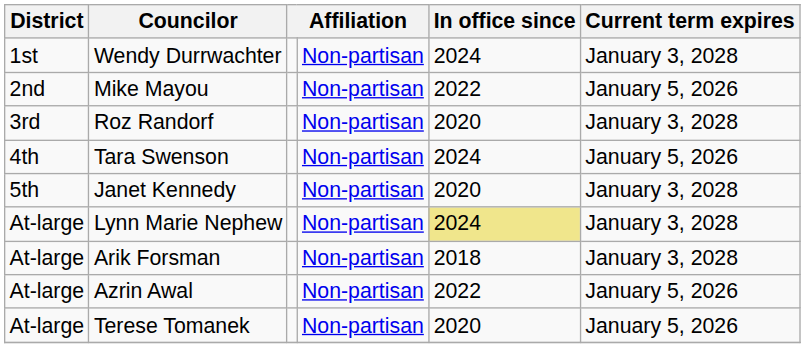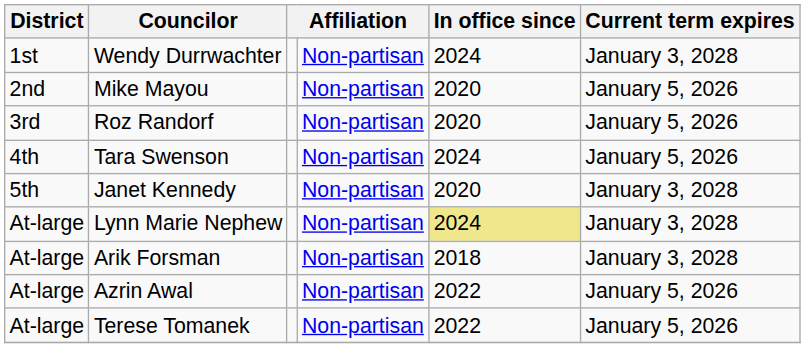 <table class="wikitable">
 <tr>
 <th>District</th>
 <th>Councilor</th>
 <th colspan=2>Affiliation</th>
 <th>In office since</th>
 <th>Current term expires</th>
 </tr>
 <tr>
 <td>1st</td>
 <td>Wendy Durrwachter</td>
 <td style="background:"></td>
 <td><a href='#'>Non-partisan</a></td>
 <td>2024</td>
 <td>January 3, 2028</td>
 </tr>
 <tr>
 <td>2nd</td>
 <td>Mike Mayou</td>
 <td style="background:"></td>
 <td><a href='#'>Non-partisan</a></td>
-<td>2022</td>
+<td>2020</td>
 <td>January 5, 2026</td>
 </tr>
 <tr>
 <td>3rd</td>
 <td>Roz Randorf</td>
 <td style="background:"></td>
 <td><a href='#'>Non-partisan</a></td>
 <td>2020</td>
-<td>January 3, 2028</td>
+<td>January 5, 2026</td>
 </tr>
 <tr>
 <td>4th</td>
 <td>Tara Swenson</td>
 <td style="background:"></td>
 <td><a href='#'>Non-partisan</a></td>
 <td>2024</td>
 <td>January 5, 2026</td>
 </tr>
 <tr>
 <td>5th</td>
 <td>Janet Kennedy</td>
 <td style="background:"></td>
 <td><a href='#'>Non-partisan</a></td>
 <td>2020</td>
 <td>January 3, 2028</td>
 </tr>
 <tr>
 <td>At-large</td>
 <td>Lynn Marie Nephew</td>
 <td style="background:"></td>
 <td><a href='#'>Non-partisan</a></td>
 <td style="background: khaki;">2024</td>
 <td>January 3, 2028</td>
 </tr>
 <tr>
 <td>At-large</td>
 <td>Arik Forsman</td>
 <td style="background:"></td>
 <td><a href='#'>Non-partisan</a></td>
 <td>2018</td>
 <td>January 3, 2028</td>
 </tr>
 <tr>
 <td>At-large</td>
 <td>Azrin Awal</td>
 <td style="background:"></td>
 <td><a href='#'>Non-partisan</a></td>
 <td>2022</td>
 <td>January 5, 2026</td>
 </tr>
 <tr>
 <td>At-large</td>
 <td>Terese Tomanek</td>
 <td style="background:"></td>
 <td><a href='#'>Non-partisan</a></td>
-<td>2020</td>
+<td>2022</td>
 <td>January 5, 2026</td>
 </tr>
 <tr>
 </tr>
 </table>
